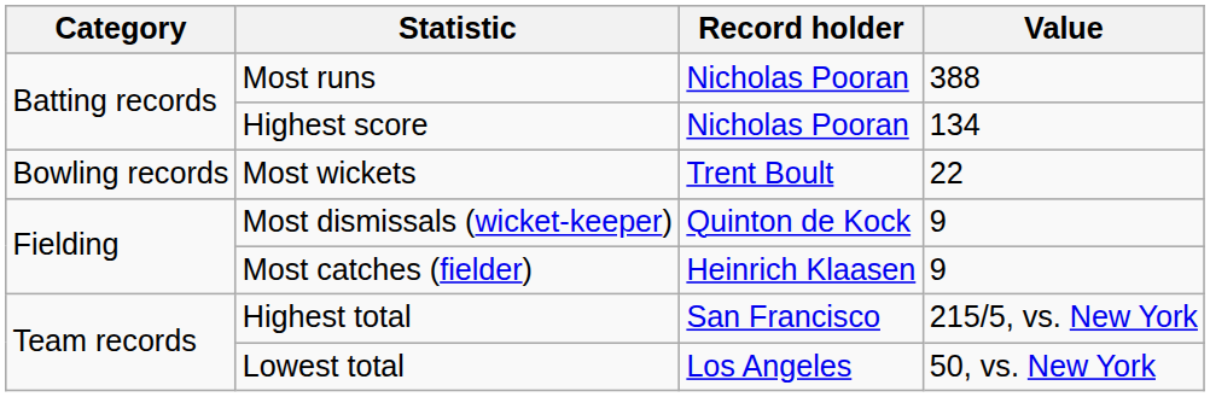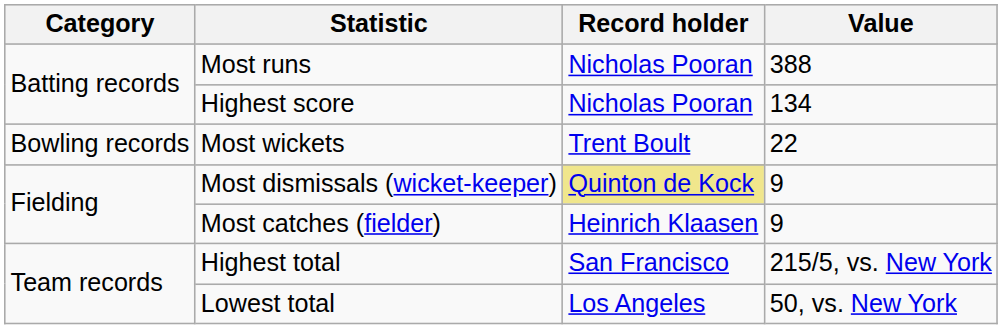 <table class="wikitable ">
 <tr>
 <th scope="col">Category</th>
 <th scope="col">Statistic</th>
 <th scope="col">Record holder</th>
 <th scope="col">Value</th>
 </tr>
 <tr>
 <td rowspan="2">Batting records</td>
 <td>Most runs</td>
 <td><a href='#'>Nicholas Pooran</a></td>
 <td>388</td>
 </tr>
 <tr>
 <td scope="row">Highest score</td>
 <td><a href='#'>Nicholas Pooran</a></td>
 <td>134</td>
 </tr>
 <tr>
 <td>Bowling records</td>
 <td>Most wickets</td>
 <td><a href='#'>Trent Boult</a></td>
 <td>22</td>
 </tr>
 <tr>
 <td rowspan="2">Fielding</td>
 <td>Most dismissals (<a href='#'>wicket-keeper</a>)</td>
-<td><a href='#'>Quinton de Kock</a></td>
+<td style="background: khaki;"><a href='#'>Quinton de Kock</a></td>
 <td>9</td>
 </tr>
 <tr>
 <td>Most catches (<a href='#'>fielder</a>)</td>
 <td><a href='#'>Heinrich Klaasen</a></td>
 <td>9</td>
 </tr>
 <tr>
 <td rowspan="2">Team records</td>
 <td>Highest total</td>
 <td><a href='#'>San Francisco</a></td>
 <td>215/5, vs. <a href='#'>New York</a></td>
 </tr>
 <tr>
 <td>Lowest total</td>
 <td><a href='#'>Los Angeles</a></td>
 <td>50, vs. <a href='#'>New York</a></td>
 </tr>
 </table>
